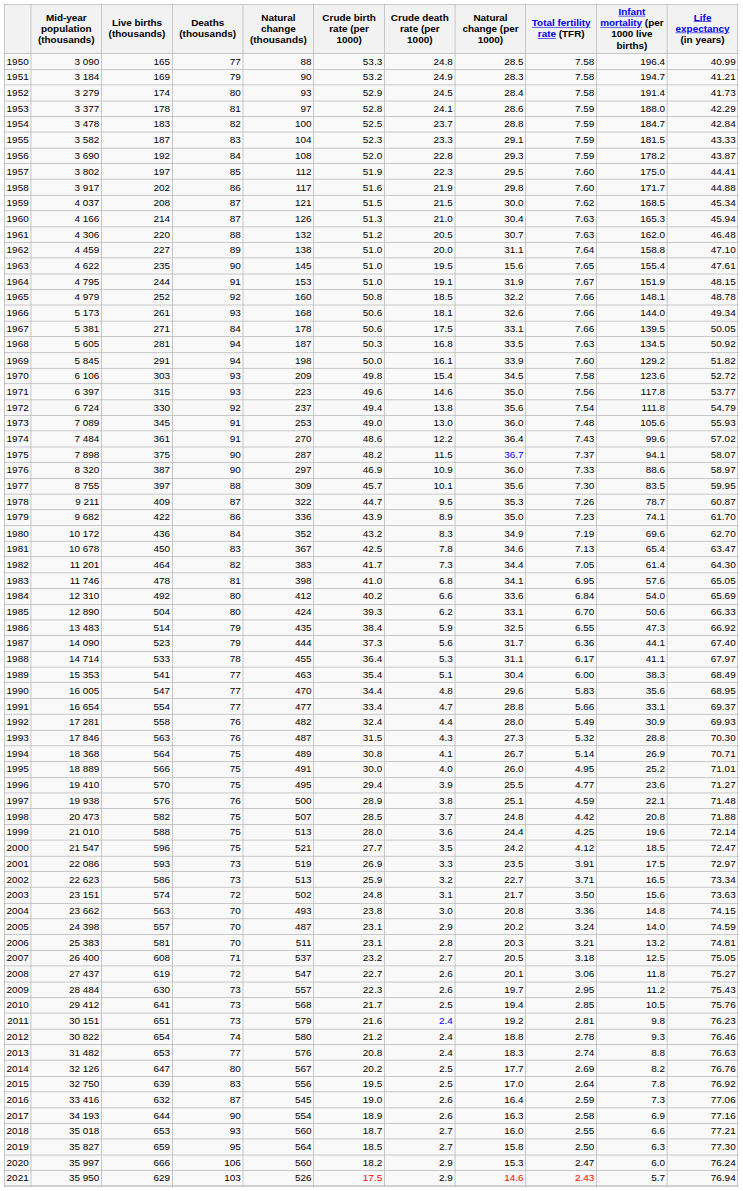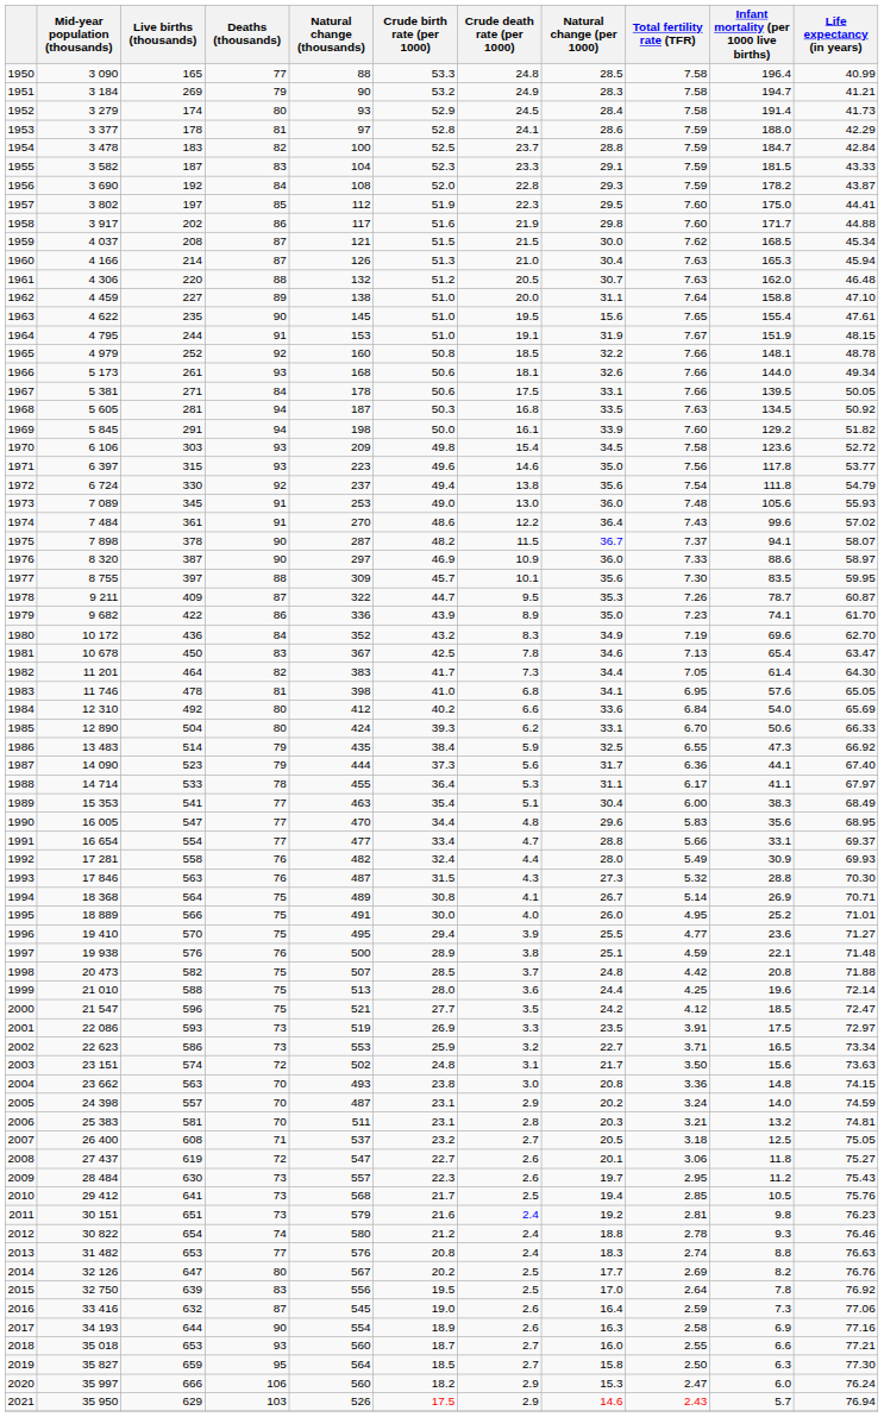 <table class="wikitable sortable" style="text-align:right">
 <tr>
 <th></th>
 <th style="width:80pt;">Mid-year population (thousands)</th>
 <th style="width:80pt;">Live births (thousands)</th>
 <th style="width:80pt;">Deaths (thousands)</th>
 <th style="width:80pt;">Natural change (thousands)</th>
 <th style="width:80pt;">Crude birth rate (per 1000)</th>
 <th style="width:80pt;">Crude death rate (per 1000)</th>
 <th style="width:80pt;">Natural change (per 1000)</th>
 <th style="width:80pt;"><a href='#'>Total fertility rate</a> (TFR)</th>
 <th style="width:80pt;"><a href='#'>Infant mortality</a> (per 1000 live births)</th>
 <th style="width:80pt;"><a href='#'>Life expectancy</a> (in years)</th>
 </tr>
 <tr>
 <td>1950</td>
 <td>3 090</td>
 <td>   165</td>
 <td>   77</td>
 <td>   88</td>
 <td>53.3</td>
 <td>24.8</td>
 <td>28.5</td>
 <td>7.58</td>
 <td>196.4</td>
 <td>40.99</td>
 </tr>
 <tr>
 <td>1951</td>
 <td>  3 184</td>
-<td>  169</td>
+<td>  269</td>
 <td>  79</td>
 <td>  90</td>
 <td>53.2</td>
 <td>24.9</td>
 <td>28.3</td>
 <td>7.58</td>
 <td>194.7</td>
 <td>41.21</td>
 </tr>
 <tr>
 <td>1952</td>
 <td>  3 279</td>
 <td>  174</td>
 <td>  80</td>
 <td>  93</td>
 <td>52.9</td>
 <td>24.5</td>
 <td>28.4</td>
 <td>7.58</td>
 <td>191.4</td>
 <td>41.73</td>
 </tr>
 <tr>
 <td>1953</td>
 <td>  3 377</td>
 <td>  178</td>
 <td>  81</td>
 <td>  97</td>
 <td>52.8</td>
 <td>24.1</td>
 <td>28.6</td>
 <td>7.59</td>
 <td>188.0</td>
 <td>42.29</td>
 </tr>
 <tr>
 <td>1954</td>
 <td>  3 478</td>
 <td>  183</td>
 <td>  82</td>
 <td>  100</td>
 <td>52.5</td>
 <td>23.7</td>
 <td>28.8</td>
 <td>7.59</td>
 <td>184.7</td>
 <td>42.84</td>
 </tr>
 <tr>
 <td>1955</td>
 <td>  3 582</td>
 <td>  187</td>
 <td>  83</td>
 <td>  104</td>
 <td>52.3</td>
 <td>23.3</td>
 <td>29.1</td>
 <td>7.59</td>
 <td>181.5</td>
 <td>43.33</td>
 </tr>
 <tr>
 <td>1956</td>
 <td>  3 690</td>
 <td>  192</td>
 <td>  84</td>
 <td>  108</td>
 <td>52.0</td>
 <td>22.8</td>
 <td>29.3</td>
 <td>7.59</td>
 <td>178.2</td>
 <td>43.87</td>
 </tr>
 <tr>
 <td>1957</td>
 <td>  3 802</td>
 <td>  197</td>
 <td>  85</td>
 <td>  112</td>
 <td>51.9</td>
 <td>22.3</td>
 <td>29.5</td>
 <td>7.60</td>
 <td>175.0</td>
 <td>44.41</td>
 </tr>
 <tr>
 <td>1958</td>
 <td>  3 917</td>
 <td>  202</td>
 <td>  86</td>
 <td>  117</td>
 <td>51.6</td>
 <td>21.9</td>
 <td>29.8</td>
 <td>7.60</td>
 <td>171.7</td>
 <td>44.88</td>
 </tr>
 <tr>
 <td>1959</td>
 <td>  4 037</td>
 <td>  208</td>
 <td>  87</td>
 <td>  121</td>
 <td>51.5</td>
 <td>21.5</td>
 <td>30.0</td>
 <td>7.62</td>
 <td>168.5</td>
 <td>45.34</td>
 </tr>
 <tr>
 <td>1960</td>
 <td>  4 166</td>
 <td>  214</td>
 <td>  87</td>
 <td>  126</td>
 <td>51.3</td>
 <td>21.0</td>
 <td>30.4</td>
 <td>7.63</td>
 <td>165.3</td>
 <td>45.94</td>
 </tr>
 <tr>
 <td>1961</td>
 <td>  4 306</td>
 <td>  220</td>
 <td>  88</td>
 <td>  132</td>
 <td>51.2</td>
 <td>20.5</td>
 <td>30.7</td>
 <td>7.63</td>
 <td>162.0</td>
 <td>46.48</td>
 </tr>
 <tr>
 <td>1962</td>
 <td>  4 459</td>
 <td>  227</td>
 <td>  89</td>
 <td>  138</td>
 <td>51.0</td>
 <td>20.0</td>
 <td>31.1</td>
 <td>7.64</td>
 <td>158.8</td>
 <td>47.10</td>
 </tr>
 <tr>
 <td>1963</td>
 <td>  4 622</td>
 <td>  235</td>
 <td>  90</td>
 <td>  145</td>
 <td>51.0</td>
 <td>19.5</td>
 <td>15.6</td>
 <td>7.65</td>
 <td>155.4</td>
 <td>47.61</td>
 </tr>
 <tr>
 <td>1964</td>
 <td>  4 795</td>
 <td>  244</td>
 <td>  91</td>
 <td>  153</td>
 <td>51.0</td>
 <td>19.1</td>
 <td>31.9</td>
 <td>7.67</td>
 <td>151.9</td>
 <td>48.15</td>
 </tr>
 <tr>
 <td>1965</td>
 <td>  4 979</td>
 <td>  252</td>
 <td>  92</td>
 <td>  160</td>
 <td>50.8</td>
 <td>18.5</td>
 <td>32.2</td>
 <td>7.66</td>
 <td>148.1</td>
 <td>48.78</td>
 </tr>
 <tr>
 <td>1966</td>
 <td>  5 173</td>
 <td>  261</td>
 <td>  93</td>
 <td>  168</td>
 <td>50.6</td>
 <td>18.1</td>
 <td>32.6</td>
 <td>7.66</td>
 <td>144.0</td>
 <td>49.34</td>
 </tr>
 <tr>
 <td>1967</td>
 <td>  5 381</td>
 <td>  271</td>
 <td>  84</td>
 <td>  178</td>
 <td>50.6</td>
 <td>17.5</td>
 <td>33.1</td>
 <td>7.66</td>
 <td>139.5</td>
 <td>50.05</td>
 </tr>
 <tr>
 <td>1968</td>
 <td>  5 605</td>
 <td>  281</td>
 <td>  94</td>
 <td>  187</td>
 <td>50.3</td>
 <td>16.8</td>
 <td>33.5</td>
 <td>7.63</td>
 <td>134.5</td>
 <td>50.92</td>
 </tr>
 <tr>
 <td>1969</td>
 <td>  5 845</td>
 <td>  291</td>
 <td>  94</td>
 <td>  198</td>
 <td>50.0</td>
 <td>16.1</td>
 <td>33.9</td>
 <td>7.60</td>
 <td>129.2</td>
 <td>51.82</td>
 </tr>
 <tr>
 <td>1970</td>
 <td>  6 106</td>
 <td>  303</td>
 <td>  93</td>
 <td>  209</td>
 <td>49.8</td>
 <td>15.4</td>
 <td>34.5</td>
 <td>7.58</td>
 <td>123.6</td>
 <td>52.72</td>
 </tr>
 <tr>
 <td>1971</td>
 <td>  6 397</td>
 <td>  315</td>
 <td>  93</td>
 <td>  223</td>
 <td>49.6</td>
 <td>14.6</td>
 <td>35.0</td>
 <td>7.56</td>
 <td>117.8</td>
 <td>53.77</td>
 </tr>
 <tr>
 <td>1972</td>
 <td>  6 724</td>
 <td>  330</td>
 <td>  92</td>
 <td>  237</td>
 <td>49.4</td>
 <td>13.8</td>
 <td>35.6</td>
 <td>7.54</td>
 <td>111.8</td>
 <td>54.79</td>
 </tr>
 <tr>
 <td>1973</td>
 <td>  7 089</td>
 <td>  345</td>
 <td>  91</td>
 <td>  253</td>
 <td>49.0</td>
 <td>13.0</td>
 <td>36.0</td>
 <td>7.48</td>
 <td>105.6</td>
 <td>55.93</td>
 </tr>
 <tr>
 <td>1974</td>
 <td>  7 484</td>
 <td>  361</td>
 <td>  91</td>
 <td>  270</td>
 <td>48.6</td>
 <td>12.2</td>
 <td>36.4</td>
 <td>7.43</td>
 <td>99.6</td>
 <td>57.02</td>
 </tr>
 <tr>
 <td>1975</td>
 <td>  7 898</td>
-<td>  375</td>
+<td>  378</td>
 <td>  90</td>
 <td>  287</td>
 <td>48.2</td>
 <td>11.5</td>
 <td style="color:blue;">36.7</td>
 <td>7.37</td>
 <td>94.1</td>
 <td>58.07</td>
 </tr>
 <tr>
 <td>1976</td>
 <td>  8 320</td>
 <td>  387</td>
 <td>  90</td>
 <td>  297</td>
 <td>46.9</td>
 <td>10.9</td>
 <td>36.0</td>
 <td>7.33</td>
 <td>88.6</td>
 <td>58.97</td>
 </tr>
 <tr>
 <td>1977</td>
 <td>  8 755</td>
 <td>  397</td>
 <td>  88</td>
 <td>  309</td>
 <td>45.7</td>
 <td>10.1</td>
 <td>35.6</td>
 <td>7.30</td>
 <td>83.5</td>
 <td>59.95</td>
 </tr>
 <tr>
 <td>1978</td>
 <td>  9 211</td>
 <td>  409</td>
 <td>  87</td>
 <td>  322</td>
 <td>44.7</td>
 <td>9.5</td>
 <td>35.3</td>
 <td>7.26</td>
 <td>78.7</td>
 <td>60.87</td>
 </tr>
 <tr>
 <td>1979</td>
 <td>  9 682</td>
 <td>  422</td>
 <td>  86</td>
 <td>  336</td>
 <td>43.9</td>
 <td>8.9</td>
 <td>35.0</td>
 <td>7.23</td>
 <td>74.1</td>
 <td>61.70</td>
 </tr>
 <tr>
 <td>1980</td>
 <td>  10 172</td>
 <td>  436</td>
 <td>  84</td>
 <td>  352</td>
 <td>43.2</td>
 <td>8.3</td>
 <td>34.9</td>
 <td>7.19</td>
 <td>69.6</td>
 <td>62.70</td>
 </tr>
 <tr>
 <td>1981</td>
 <td>  10 678</td>
 <td>  450</td>
 <td>  83</td>
 <td>  367</td>
 <td>42.5</td>
 <td>7.8</td>
 <td>34.6</td>
 <td>7.13</td>
 <td>65.4</td>
 <td>63.47</td>
 </tr>
 <tr>
 <td>1982</td>
 <td>  11 201</td>
 <td>  464</td>
 <td>  82</td>
 <td>  383</td>
 <td>41.7</td>
 <td>7.3</td>
 <td>34.4</td>
 <td>7.05</td>
 <td>61.4</td>
 <td>64.30</td>
 </tr>
 <tr>
 <td>1983</td>
 <td>  11 746</td>
 <td>  478</td>
 <td>  81</td>
 <td>  398</td>
 <td>41.0</td>
 <td>6.8</td>
 <td>34.1</td>
 <td>6.95</td>
 <td>57.6</td>
 <td>65.05</td>
 </tr>
 <tr>
 <td>1984</td>
 <td>  12 310</td>
 <td>  492</td>
 <td>  80</td>
 <td>  412</td>
 <td>40.2</td>
 <td>6.6</td>
 <td>33.6</td>
 <td>6.84</td>
 <td>54.0</td>
 <td>65.69</td>
 </tr>
 <tr>
 <td>1985</td>
 <td>  12 890</td>
 <td>  504</td>
 <td>  80</td>
 <td>  424</td>
 <td>39.3</td>
 <td>6.2</td>
 <td>33.1</td>
 <td>6.70</td>
 <td>50.6</td>
 <td>66.33</td>
 </tr>
 <tr>
 <td>1986</td>
 <td>  13 483</td>
 <td>  514</td>
 <td>  79</td>
 <td>  435</td>
 <td>38.4</td>
 <td>5.9</td>
 <td>32.5</td>
 <td>6.55</td>
 <td>47.3</td>
 <td>66.92</td>
 </tr>
 <tr>
 <td>1987</td>
 <td>  14 090</td>
 <td>  523</td>
 <td>  79</td>
 <td>  444</td>
 <td>37.3</td>
 <td>5.6</td>
 <td>31.7</td>
 <td>6.36</td>
 <td>44.1</td>
 <td>67.40</td>
 </tr>
 <tr>
 <td>1988</td>
 <td>  14 714</td>
 <td>  533</td>
 <td>  78</td>
 <td>  455</td>
 <td>36.4</td>
 <td>5.3</td>
 <td>31.1</td>
 <td>6.17</td>
 <td>41.1</td>
 <td>67.97</td>
 </tr>
 <tr>
 <td>1989</td>
 <td>  15 353</td>
 <td>  541</td>
 <td>  77</td>
 <td>  463</td>
 <td>35.4</td>
 <td>5.1</td>
 <td>30.4</td>
 <td>6.00</td>
 <td>38.3</td>
 <td>68.49</td>
 </tr>
 <tr>
 <td>1990</td>
 <td>  16 005</td>
 <td>  547</td>
 <td>  77</td>
 <td>  470</td>
 <td>34.4</td>
 <td>4.8</td>
 <td>29.6</td>
 <td>5.83</td>
 <td>35.6</td>
 <td>68.95</td>
 </tr>
 <tr>
 <td>1991</td>
 <td>  16 654</td>
 <td>  554</td>
 <td>  77</td>
 <td>  477</td>
 <td>33.4</td>
 <td>4.7</td>
 <td>28.8</td>
 <td>5.66</td>
 <td>33.1</td>
 <td>69.37</td>
 </tr>
 <tr>
 <td>1992</td>
 <td>  17 281</td>
 <td>  558</td>
 <td>  76</td>
 <td>  482</td>
 <td>32.4</td>
 <td>4.4</td>
 <td>28.0</td>
 <td>5.49</td>
 <td>30.9</td>
 <td>69.93</td>
 </tr>
 <tr>
 <td>1993</td>
 <td>  17 846</td>
 <td>  563</td>
 <td>  76</td>
 <td>  487</td>
 <td>31.5</td>
 <td>4.3</td>
 <td>27.3</td>
 <td>5.32</td>
 <td>28.8</td>
 <td>70.30</td>
 </tr>
 <tr>
 <td>1994</td>
 <td>  18 368</td>
 <td>  564</td>
 <td>  75</td>
 <td>  489</td>
 <td>30.8</td>
 <td>4.1</td>
 <td>26.7</td>
 <td>5.14</td>
 <td>26.9</td>
 <td>70.71</td>
 </tr>
 <tr>
 <td>1995</td>
 <td>  18 889</td>
 <td>  566</td>
 <td>  75</td>
 <td>  491</td>
 <td>30.0</td>
 <td>4.0</td>
 <td>26.0</td>
 <td>4.95</td>
 <td>25.2</td>
 <td>71.01</td>
 </tr>
 <tr>
 <td>1996</td>
 <td>  19 410</td>
 <td>  570</td>
 <td>  75</td>
 <td>  495</td>
 <td>29.4</td>
 <td>3.9</td>
 <td>25.5</td>
 <td>4.77</td>
 <td>23.6</td>
 <td>71.27</td>
 </tr>
 <tr>
 <td>1997</td>
 <td>  19 938</td>
 <td>  576</td>
 <td>  76</td>
 <td>  500</td>
 <td>28.9</td>
 <td>3.8</td>
 <td>25.1</td>
 <td>4.59</td>
 <td>22.1</td>
 <td>71.48</td>
 </tr>
 <tr>
 <td>1998</td>
 <td>  20 473</td>
 <td>  582</td>
 <td>  75</td>
 <td>  507</td>
 <td>28.5</td>
 <td>3.7</td>
 <td>24.8</td>
 <td>4.42</td>
 <td>20.8</td>
 <td>71.88</td>
 </tr>
 <tr>
 <td>1999</td>
 <td>  21 010</td>
 <td>  588</td>
 <td>  75</td>
 <td>  513</td>
 <td>28.0</td>
 <td>3.6</td>
 <td>24.4</td>
 <td>4.25</td>
 <td>19.6</td>
 <td>72.14</td>
 </tr>
 <tr>
 <td>2000</td>
 <td>  21 547</td>
 <td>  596</td>
 <td>  75</td>
 <td>  521</td>
 <td>27.7</td>
 <td>3.5</td>
 <td>24.2</td>
 <td>4.12</td>
 <td>18.5</td>
 <td>72.47</td>
 </tr>
 <tr>
 <td>2001</td>
 <td>  22 086</td>
 <td>  593</td>
 <td>  73</td>
 <td>  519</td>
 <td>26.9</td>
 <td>3.3</td>
 <td>23.5</td>
 <td>3.91</td>
 <td>17.5</td>
 <td>72.97</td>
 </tr>
 <tr>
 <td>2002</td>
 <td>  22 623</td>
 <td>  586</td>
 <td>  73</td>
-<td>  513</td>
+<td>  553</td>
 <td>25.9</td>
 <td>3.2</td>
 <td>22.7</td>
 <td>3.71</td>
 <td>16.5</td>
 <td>73.34</td>
 </tr>
 <tr>
 <td>2003</td>
 <td>  23 151</td>
 <td>  574</td>
 <td>  72</td>
 <td>  502</td>
 <td>24.8</td>
 <td>3.1</td>
 <td>21.7</td>
 <td>3.50</td>
 <td>15.6</td>
 <td>73.63</td>
 </tr>
 <tr>
 <td>2004</td>
 <td>  23 662</td>
 <td>  563</td>
 <td>  70</td>
 <td>  493</td>
 <td>23.8</td>
 <td>3.0</td>
 <td>20.8</td>
 <td>3.36</td>
 <td>14.8</td>
 <td>74.15</td>
 </tr>
 <tr>
 <td>2005</td>
 <td>  24 398</td>
 <td>  557</td>
 <td>  70</td>
 <td>  487</td>
 <td>23.1</td>
 <td>2.9</td>
 <td>20.2</td>
 <td>3.24</td>
 <td>14.0</td>
 <td>74.59</td>
 </tr>
 <tr>
 <td>2006</td>
 <td>  25 383</td>
 <td>  581</td>
 <td>  70</td>
 <td>  511</td>
 <td>23.1</td>
 <td>2.8</td>
 <td>20.3</td>
 <td>3.21</td>
 <td>13.2</td>
 <td>74.81</td>
 </tr>
 <tr>
 <td>2007</td>
 <td>  26 400</td>
 <td>  608</td>
 <td>  71</td>
 <td>  537</td>
 <td>23.2</td>
 <td>2.7</td>
 <td>20.5</td>
 <td>3.18</td>
 <td>12.5</td>
 <td>75.05</td>
 </tr>
 <tr>
 <td>2008</td>
 <td>  27 437</td>
 <td>  619</td>
 <td>  72</td>
 <td>  547</td>
 <td>22.7</td>
 <td>2.6</td>
 <td>20.1</td>
 <td>3.06</td>
 <td>11.8</td>
 <td>75.27</td>
 </tr>
 <tr>
 <td>2009</td>
 <td>  28 484</td>
 <td>  630</td>
 <td>  73</td>
 <td>  557</td>
 <td>22.3</td>
 <td>2.6</td>
 <td>19.7</td>
 <td>2.95</td>
 <td>11.2</td>
 <td>75.43</td>
 </tr>
 <tr>
 <td>2010</td>
 <td>  29 412</td>
 <td>  641</td>
 <td>  73</td>
 <td>  568</td>
 <td>21.7</td>
 <td>2.5</td>
 <td>19.4</td>
 <td>2.85</td>
 <td>10.5</td>
 <td>75.76</td>
 </tr>
 <tr>
 <td>2011</td>
 <td>  30 151</td>
 <td>  651</td>
 <td>  73</td>
 <td>  579</td>
 <td>21.6</td>
 <td style="color:blue;">2.4</td>
 <td>19.2</td>
 <td>2.81</td>
 <td>9.8</td>
 <td>76.23</td>
 </tr>
 <tr>
 <td>2012</td>
 <td>  30 822</td>
 <td>  654</td>
 <td>  74</td>
 <td>580</td>
 <td>21.2</td>
 <td>2.4</td>
 <td>18.8</td>
 <td>2.78</td>
 <td>9.3</td>
 <td>76.46</td>
 </tr>
 <tr>
 <td>2013</td>
 <td>  31 482</td>
 <td>  653</td>
 <td>  77</td>
 <td>  576</td>
 <td>20.8</td>
 <td>2.4</td>
 <td>18.3</td>
 <td>2.74</td>
 <td>8.8</td>
 <td>76.63</td>
 </tr>
 <tr>
 <td>2014</td>
 <td>  32 126</td>
 <td>  647</td>
 <td>  80</td>
 <td>  567</td>
 <td>20.2</td>
 <td>2.5</td>
 <td>17.7</td>
 <td>2.69</td>
 <td>8.2</td>
 <td>76.76</td>
 </tr>
 <tr>
 <td>2015</td>
 <td>  32 750</td>
 <td>  639</td>
 <td>  83</td>
 <td>  556</td>
 <td>19.5</td>
 <td>2.5</td>
 <td>17.0</td>
 <td>2.64</td>
 <td>7.8</td>
 <td>76.92</td>
 </tr>
 <tr>
 <td>2016</td>
 <td>  33 416</td>
 <td>  632</td>
 <td>  87</td>
 <td>  545</td>
 <td>19.0</td>
 <td>2.6</td>
 <td>16.4</td>
 <td>2.59</td>
 <td>7.3</td>
 <td>77.06</td>
 </tr>
 <tr>
 <td>2017</td>
 <td>  34 193</td>
 <td>  644</td>
 <td>  90</td>
 <td>  554</td>
 <td>18.9</td>
 <td>2.6</td>
 <td>16.3</td>
 <td>2.58</td>
 <td>6.9</td>
 <td>77.16</td>
 </tr>
 <tr>
 <td>2018</td>
 <td>  35 018</td>
 <td>  653</td>
 <td>  93</td>
 <td>  560</td>
 <td>18.7</td>
 <td>2.7</td>
 <td>16.0</td>
 <td>2.55</td>
 <td>6.6</td>
 <td>77.21</td>
 </tr>
 <tr>
 <td>2019</td>
 <td>  35 827</td>
 <td>  659</td>
 <td>  95</td>
 <td>  564</td>
 <td>18.5</td>
 <td>2.7</td>
 <td>15.8</td>
 <td>2.50</td>
 <td>6.3</td>
 <td>77.30</td>
 </tr>
 <tr>
 <td>2020</td>
 <td>35 997</td>
 <td>666</td>
 <td>106</td>
 <td>  560</td>
 <td>18.2</td>
 <td>2.9</td>
 <td>15.3</td>
 <td>2.47</td>
 <td>6.0</td>
 <td>76.24</td>
 </tr>
 <tr>
 <td>2021</td>
 <td>  35 950</td>
 <td>  629</td>
 <td>  103</td>
 <td>  526</td>
 <td style="color:red;">17.5</td>
 <td>2.9</td>
 <td style="color:red;">14.6</td>
 <td style="color:red;">2.43</td>
 <td>5.7</td>
 <td>76.94</td>
 </tr>
 <tr>
 </tr>
 </table>
